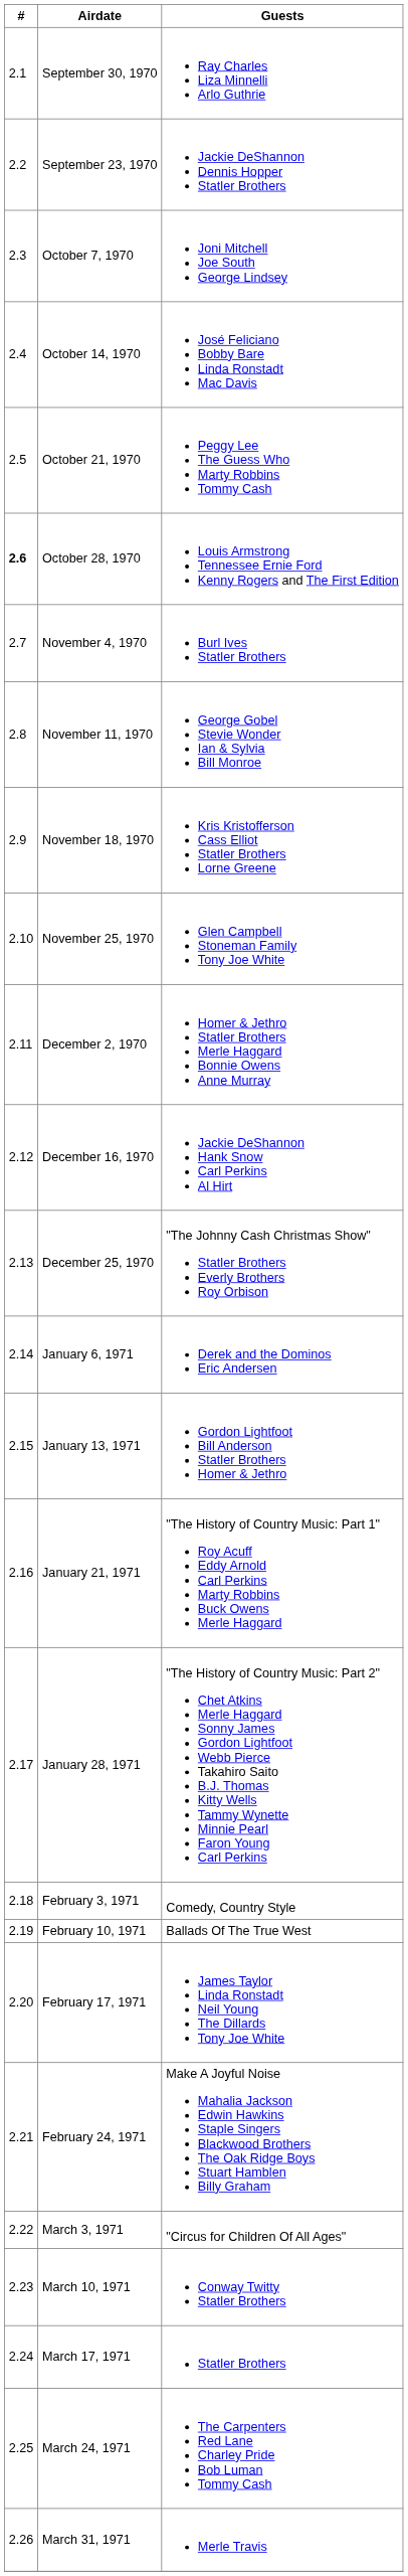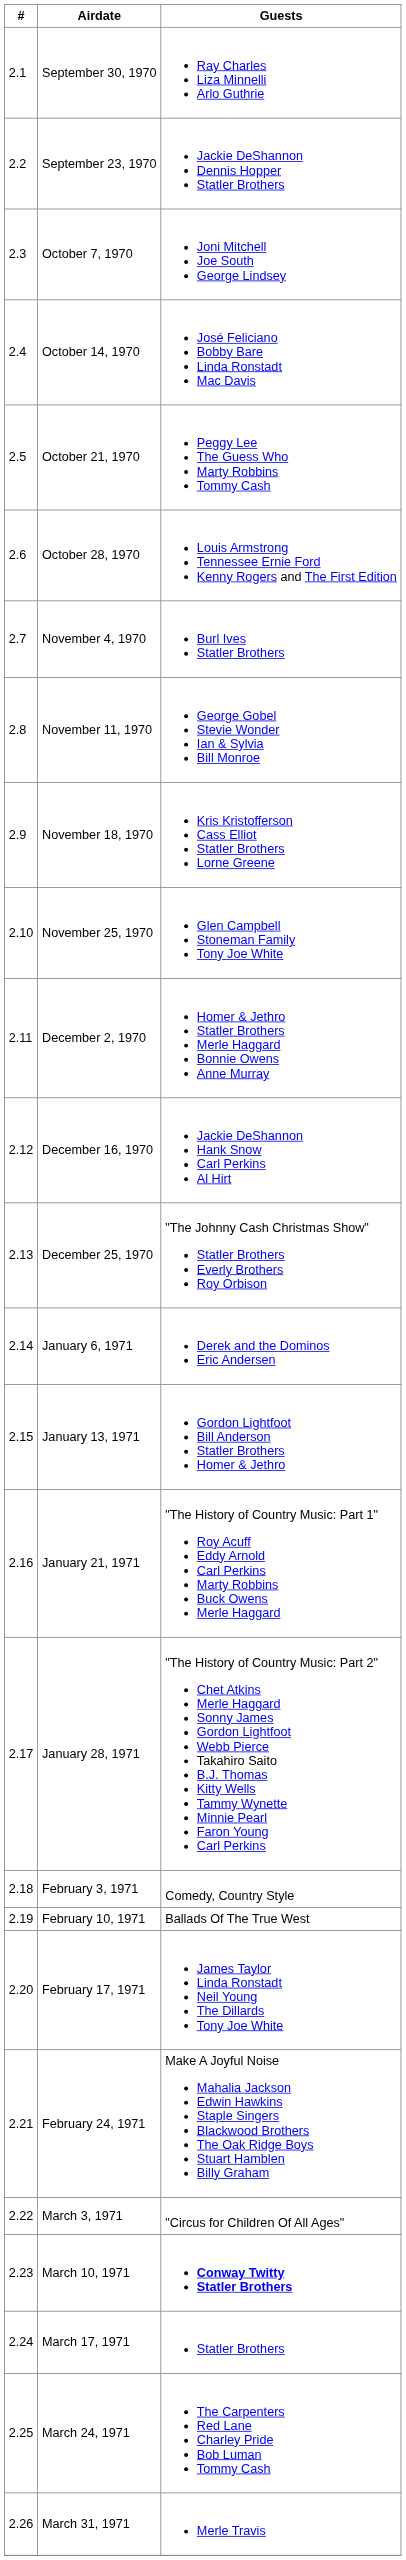 <table border="1" cellpadding="5" cellspacing="1" style="border-collapse: collapse">
 <tr style=>
 <th><strong>#</strong></th>
 <th><strong>Airdate</strong></th>
 <th><strong>Guests</strong></th>
 </tr>
 <tr>
 <td>2.1</td>
 <td>September 30, 1970</td>
 <td><br><ul><li><a href='#'>Ray Charles</a></li><li><a href='#'>Liza Minnelli</a></li><li><a href='#'>Arlo Guthrie</a></li></ul></td>
 </tr>
 <tr>
 <td>2.2</td>
 <td>September 23, 1970</td>
 <td><br><ul><li><a href='#'>Jackie DeShannon</a></li><li><a href='#'>Dennis Hopper</a></li><li><a href='#'>Statler Brothers</a></li></ul></td>
 </tr>
 <tr>
 <td>2.3</td>
 <td>October 7, 1970</td>
 <td><br><ul><li><a href='#'>Joni Mitchell</a></li><li><a href='#'>Joe South</a></li><li><a href='#'>George Lindsey</a></li></ul></td>
 </tr>
 <tr>
 <td>2.4</td>
 <td>October 14, 1970</td>
 <td><br><ul><li><a href='#'>José Feliciano</a></li><li><a href='#'>Bobby Bare</a></li><li><a href='#'>Linda Ronstadt</a></li><li><a href='#'>Mac Davis</a></li></ul></td>
 </tr>
 <tr>
 <td>2.5</td>
 <td>October 21, 1970</td>
 <td><br><ul><li><a href='#'>Peggy Lee</a></li><li><a href='#'>The Guess Who</a></li><li><a href='#'>Marty Robbins</a></li><li><a href='#'>Tommy Cash</a></li></ul></td>
 </tr>
 <tr>
-<td><strong>2.6</strong></td>
+<td>2.6</td>
 <td>October 28, 1970</td>
 <td><br><ul><li><a href='#'>Louis Armstrong</a></li><li><a href='#'>Tennessee Ernie Ford</a></li><li><a href='#'>Kenny Rogers</a> and <a href='#'>The First Edition</a></li></ul></td>
 </tr>
 <tr>
 <td>2.7</td>
 <td>November 4, 1970</td>
 <td><br><ul><li><a href='#'>Burl Ives</a></li><li><a href='#'>Statler Brothers</a></li></ul></td>
 </tr>
 <tr>
 <td>2.8</td>
 <td>November 11, 1970</td>
 <td><br><ul><li><a href='#'>George Gobel</a></li><li><a href='#'>Stevie Wonder</a></li><li><a href='#'>Ian & Sylvia</a></li><li><a href='#'>Bill Monroe</a></li></ul></td>
 </tr>
 <tr>
 <td>2.9</td>
 <td>November 18, 1970</td>
 <td><br><ul><li><a href='#'>Kris Kristofferson</a></li><li><a href='#'>Cass Elliot</a></li><li><a href='#'>Statler Brothers</a></li><li><a href='#'>Lorne Greene</a></li></ul></td>
 </tr>
 <tr>
 <td>2.10</td>
 <td>November 25, 1970</td>
 <td><br><ul><li><a href='#'>Glen Campbell</a></li><li><a href='#'>Stoneman Family</a></li><li><a href='#'>Tony Joe White</a></li></ul></td>
 </tr>
 <tr>
 <td>2.11</td>
 <td>December 2, 1970</td>
 <td><br><ul><li><a href='#'>Homer & Jethro</a></li><li><a href='#'>Statler Brothers</a></li><li><a href='#'>Merle Haggard</a></li><li><a href='#'>Bonnie Owens</a></li><li><a href='#'>Anne Murray</a></li></ul></td>
 </tr>
 <tr>
 <td>2.12</td>
 <td>December 16, 1970</td>
 <td><br><ul><li><a href='#'>Jackie DeShannon</a></li><li><a href='#'>Hank Snow</a></li><li><a href='#'>Carl Perkins</a></li><li><a href='#'>Al Hirt</a></li></ul></td>
 </tr>
 <tr>
 <td>2.13</td>
 <td>December 25, 1970</td>
 <td><br>"The Johnny Cash Christmas Show"<ul><li><a href='#'>Statler Brothers</a></li><li><a href='#'>Everly Brothers</a></li><li><a href='#'>Roy Orbison</a></li></ul></td>
 </tr>
 <tr>
 <td>2.14</td>
 <td>January 6, 1971</td>
 <td><br><ul><li><a href='#'>Derek and the Dominos</a></li><li><a href='#'>Eric Andersen</a></li></ul></td>
 </tr>
 <tr>
 <td>2.15</td>
 <td>January 13, 1971</td>
 <td><br><ul><li><a href='#'>Gordon Lightfoot</a></li><li><a href='#'>Bill Anderson</a></li><li><a href='#'>Statler Brothers</a></li><li><a href='#'>Homer & Jethro</a></li></ul></td>
 </tr>
 <tr>
 <td>2.16</td>
 <td>January 21, 1971</td>
 <td><br>"The History of Country Music: Part 1"<ul><li><a href='#'>Roy Acuff</a></li><li><a href='#'>Eddy Arnold</a></li><li><a href='#'>Carl Perkins</a></li><li><a href='#'>Marty Robbins</a></li><li><a href='#'>Buck Owens</a></li><li><a href='#'>Merle Haggard</a></li></ul></td>
 </tr>
 <tr>
 <td>2.17</td>
 <td>January 28, 1971</td>
 <td><br>"The History of Country Music: Part 2"<ul><li><a href='#'>Chet Atkins</a></li><li><a href='#'>Merle Haggard</a></li><li><a href='#'>Sonny James</a></li><li><a href='#'>Gordon Lightfoot</a></li><li><a href='#'>Webb Pierce</a></li><li>Takahiro Saito</li><li><a href='#'>B.J. Thomas</a></li><li><a href='#'>Kitty Wells</a></li><li><a href='#'>Tammy Wynette</a></li><li><a href='#'>Minnie Pearl</a></li><li><a href='#'>Faron Young</a></li><li><a href='#'>Carl Perkins</a></li></ul></td>
 </tr>
 <tr>
 <td>2.18</td>
 <td>February 3, 1971</td>
 <td><br>Comedy, Country Style</td>
 </tr>
 <tr>
 <td>2.19</td>
 <td>February 10, 1971</td>
 <td>Ballads Of The True West</td>
 </tr>
 <tr>
 <td>2.20</td>
 <td>February 17, 1971</td>
 <td><br><ul><li><a href='#'>James Taylor</a></li><li><a href='#'>Linda Ronstadt</a></li><li><a href='#'>Neil Young</a></li><li><a href='#'>The Dillards</a></li><li><a href='#'>Tony Joe White</a></li></ul></td>
 </tr>
 <tr>
 <td>2.21</td>
 <td>February 24, 1971</td>
 <td>Make A Joyful Noise<br><ul><li><a href='#'>Mahalia Jackson</a></li><li><a href='#'>Edwin Hawkins</a></li><li><a href='#'>Staple Singers</a></li><li><a href='#'>Blackwood Brothers</a></li><li><a href='#'>The Oak Ridge Boys</a></li><li><a href='#'>Stuart Hamblen</a></li><li><a href='#'>Billy Graham</a></li></ul></td>
 </tr>
 <tr>
 <td>2.22</td>
 <td>March 3, 1971</td>
 <td><br>"Circus for Children Of All Ages"</td>
 </tr>
 <tr>
 <td>2.23</td>
 <td>March 10, 1971</td>
-<td><br><ul><li><a href='#'>Conway Twitty</a></li><li><a href='#'>Statler Brothers</a></li></ul></td>
+<td><strong><br><ul><li><a href='#'>Conway Twitty</a></li><li><a href='#'>Statler Brothers</a></li></ul></strong></td>
 </tr>
 <tr>
 <td>2.24</td>
 <td>March 17, 1971</td>
 <td><br><ul><li><a href='#'>Statler Brothers</a></li></ul></td>
 </tr>
 <tr>
 <td>2.25</td>
 <td>March 24, 1971</td>
 <td><br><ul><li><a href='#'>The Carpenters</a></li><li><a href='#'>Red Lane</a></li><li><a href='#'>Charley Pride</a></li><li><a href='#'>Bob Luman</a></li><li><a href='#'>Tommy Cash</a></li></ul></td>
 </tr>
 <tr>
 <td>2.26</td>
 <td>March 31, 1971</td>
 <td><br><ul><li><a href='#'>Merle Travis</a></li></ul></td>
 </tr>
 <tr>
 </tr>
 </table>
